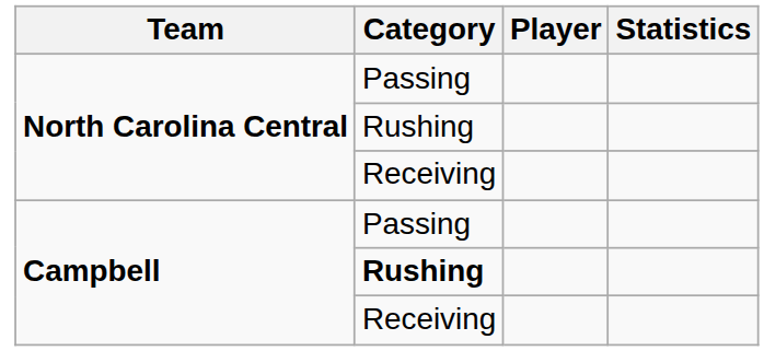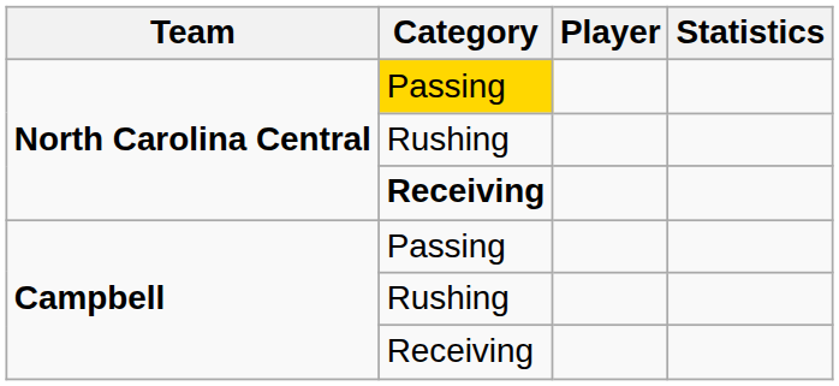 <table class="wikitable" style="float: right;">
 <tr>
 <th>Team</th>
 <th>Category</th>
 <th>Player</th>
 <th>Statistics</th>
 </tr>
 <tr>
 <td rowspan=3><strong>North Carolina Central</strong></td>
+<td style="background: gold;">Passing</td>
+<td></td>
+<td></td>
+</tr>
+<tr>
+<td>Rushing</td>
+<td></td>
+<td></td>
+</tr>
+<tr>
+<td><strong>Receiving</strong></td>
+<td></td>
+<td></td>
+</tr>
+<tr>
+<td rowspan=3><strong>Campbell</strong></td>
 <td>Passing</td>
 <td></td>
 <td></td>
 </tr>
 <tr>
 <td>Rushing</td>
 <td></td>
 <td></td>
 </tr>
 <tr>
 <td>Receiving</td>
 <td></td>
 <td></td>
 </tr>
-<tr>
-<td rowspan=3><strong>Campbell</strong></td>
-<td>Passing</td>
-<td></td>
-<td></td>
-</tr>
-<tr>
-<td><strong>Rushing</strong></td>
-<td></td>
-<td></td>
-</tr>
-<tr>
-<td>Receiving</td>
-<td></td>
-<td></td>
-</tr>
 </table>
